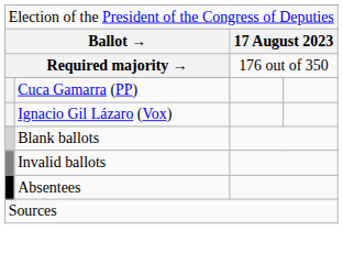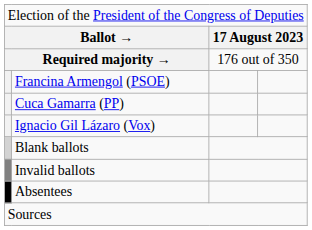 <table class="wikitable" style="text-align:center;">
 <tr>
 <td colspan="4" align="center">Election of the <a href='#'>President of the Congress of Deputies</a></td>
 </tr>
 <tr>
 <th colspan="2" width="225px">Ballot →</th>
 <th colspan="2">17 August 2023</th>
 </tr>
 <tr>
 <th colspan="2">Required majority →</th>
 <td colspan="2">176 out of 350</td>
+</tr>
+<tr>
+<th width="1px" style="background:"></th>
+<td align="left"><a href='#'>Francina Armengol</a> (<a href='#'>PSOE</a>)</td>
+<td></td>
+<td></td>
 </tr>
 <tr>
 <th style="color:inherit;background:"></th>
 <td align="left"><a href='#'>Cuca Gamarra</a> (<a href='#'>PP</a>)</td>
 <td></td>
 <td></td>
 </tr>
 <tr>
 <th style="color:inherit;background:"></th>
 <td align="left"><a href='#'>Ignacio Gil Lázaro</a> (<a href='#'>Vox</a>)</td>
 <td></td>
 <td></td>
 </tr>
 <tr>
 <th style="color:inherit;background:lightgray;"></th>
 <td align="left">Blank ballots</td>
 <td colspan="2"></td>
 </tr>
 <tr>
 <th style="color:inherit;background:gray;"></th>
 <td align="left">Invalid ballots</td>
 <td colspan="2"></td>
 </tr>
 <tr>
 <th style="color:inherit;background:black;"></th>
 <td align="left">Absentees</td>
 <td colspan="2"></td>
 </tr>
 <tr>
 <td align="left" colspan="4">Sources</td>
 </tr>
 </table>
